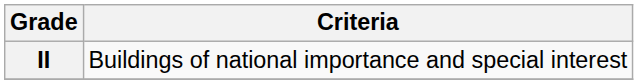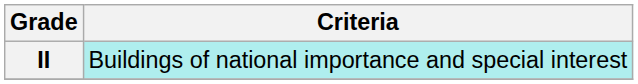 <table class="wikitable" border="1">
 <tr>
 <th>Grade</th>
 <th>Criteria</th>
 </tr>
 <tr>
 <th>II</th>
-<td>Buildings of national importance and special interest</td>
+<td style="background: paleturquoise;">Buildings of national importance and special interest</td>
 </tr>
 <tr>
 </tr>
 </table>
